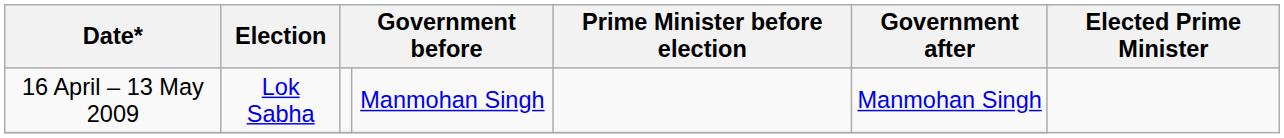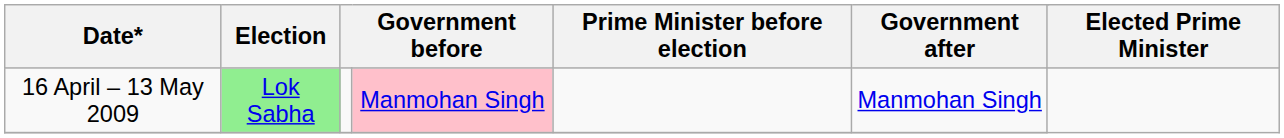 <table class="wikitable" style="text-align:center;">
 <tr>
 <th>Date*</th>
 <th>Election</th>
 <th colspan="2">Government before</th>
 <th>Prime Minister before election</th>
 <th colspan="2">Government after</th>
 <th>Elected Prime Minister</th>
 </tr>
 <tr>
 <td>16 April – 13 May 2009</td>
-<td><a href='#'>Lok Sabha</a></td>
+<td style="background: lightgreen;"><a href='#'>Lok Sabha</a></td>
 <td></td>
-<td><a href='#'>Manmohan Singh</a></td>
+<td style="background: pink;"><a href='#'>Manmohan Singh</a></td>
 <td></td>
 <td><a href='#'>Manmohan Singh</a></td>
 </tr>
 <tr>
 </tr>
 </table>
